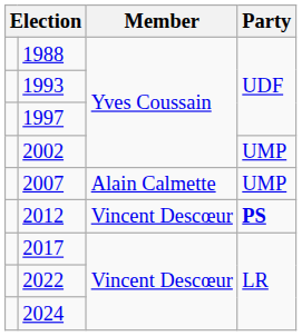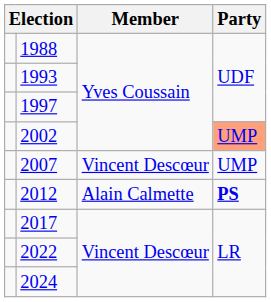 <table class="wikitable">
 <tr>
 <th colspan="2">Election</th>
 <th>Member</th>
 <th>Party</th>
 </tr>
 <tr>
 <td style="color:inherit;background-color: "></td>
 <td><a href='#'>1988</a></td>
 <td rowspan=4><a href='#'>Yves Coussain</a></td>
 <td rowspan=3><a href='#'>UDF</a></td>
 </tr>
 <tr>
 <td style="color:inherit;background-color: "></td>
 <td><a href='#'>1993</a></td>
 </tr>
 <tr>
 <td style="color:inherit;background-color: "></td>
 <td><a href='#'>1997</a></td>
 </tr>
 <tr>
 <td style="color:inherit;background-color: "></td>
 <td><a href='#'>2002</a></td>
-<td><a href='#'>UMP</a></td>
+<td style="background: lightsalmon;"><a href='#'>UMP</a></td>
 </tr>
 <tr>
 <td style="color:inherit;background-color: "></td>
 <td><a href='#'>2007</a></td>
-<td><a href='#'>Alain Calmette</a></td>
+<td><a href='#'>Vincent Descœur</a></td>
 <td><a href='#'>UMP</a></td>
 </tr>
 <tr>
 <td style="color:inherit;background-color: "></td>
 <td><a href='#'>2012</a></td>
-<td><a href='#'>Vincent Descœur</a></td>
+<td><a href='#'>Alain Calmette</a></td>
 <td><strong><a href='#'>PS</a></strong></td>
 </tr>
 <tr>
 <td style="color:inherit;background-color: "></td>
 <td><a href='#'>2017</a></td>
 <td rowspan="3"><a href='#'>Vincent Descœur</a></td>
 <td rowspan="3"><a href='#'>LR</a></td>
 </tr>
 <tr>
 <td style="color:inherit;background-color: "></td>
 <td><a href='#'>2022</a></td>
 </tr>
 <tr>
 <td style="color:inherit;background-color: "></td>
 <td><a href='#'>2024</a></td>
 </tr>
 </table>
